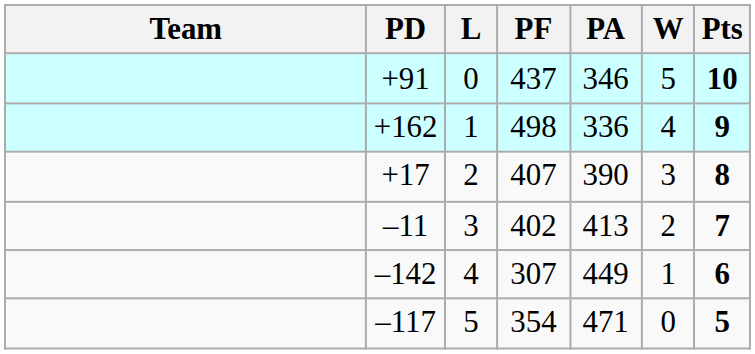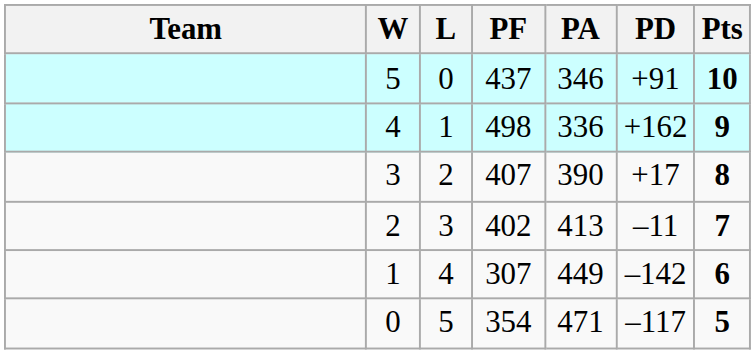 <table class="wikitable" style="text-align:center;">
 <tr>
 <th width=180>Team</th>
-<th width=30>PD</th>
+<th width=20>W</th>
 <th width=20>L</th>
 <th width=30>PF</th>
 <th width=30>PA</th>
-<th width=20>W</th>
+<th width=30>PD</th>
 <th width=20>Pts</th>
 </tr>
 <tr bgcolor="#CCFFFF">
 <td align=left></td>
-<td>+91</td>
+<td>5</td>
 <td>0</td>
 <td>437</td>
 <td>346</td>
-<td>5</td>
+<td>+91</td>
 <td><strong>10</strong></td>
 </tr>
 <tr bgcolor="#CCFFFF">
 <td align=left></td>
-<td>+162</td>
+<td>4</td>
 <td>1</td>
 <td>498</td>
 <td>336</td>
-<td>4</td>
+<td>+162</td>
 <td><strong>9</strong></td>
 </tr>
 <tr>
 <td align=left></td>
-<td>+17</td>
+<td>3</td>
 <td>2</td>
 <td>407</td>
 <td>390</td>
-<td>3</td>
+<td>+17</td>
 <td><strong>8</strong></td>
 </tr>
 <tr>
 <td align=left></td>
-<td>–11</td>
+<td>2</td>
 <td>3</td>
 <td>402</td>
 <td>413</td>
-<td>2</td>
+<td>–11</td>
 <td><strong>7</strong></td>
 </tr>
 <tr>
 <td align=left></td>
-<td>–142</td>
+<td>1</td>
 <td>4</td>
 <td>307</td>
 <td>449</td>
-<td>1</td>
+<td>–142</td>
 <td><strong>6</strong></td>
 </tr>
 <tr>
 <td align=left></td>
-<td>–117</td>
+<td>0</td>
 <td>5</td>
 <td>354</td>
 <td>471</td>
-<td>0</td>
+<td>–117</td>
 <td><strong>5</strong></td>
 </tr>
 </table>
